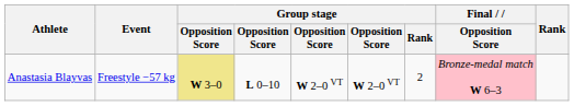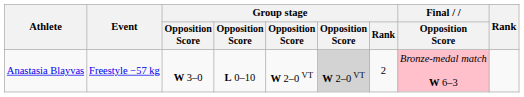 <table class="wikitable" style="font-size:90%">
 <tr>
 <th rowspan=2>Athlete</th>
 <th rowspan=2>Event</th>
 <th colspan=5>Group stage</th>
 <th>Final /  / </th>
 <th rowspan=2>Rank</th>
 </tr>
 <tr style="font-size:95%">
 <th>Opposition<br>Score</th>
 <th>Opposition<br>Score</th>
 <th>Opposition<br>Score</th>
 <th>Opposition<br>Score</th>
 <th>Rank</th>
 <th>Opposition<br>Score</th>
 </tr>
 <tr align=center>
 <td align=left><a href='#'>Anastasia Blayvas</a></td>
 <td align=left><a href='#'>Freestyle −57 kg</a></td>
-<td style="background: khaki;"><br><strong>W</strong> 3–0</td>
+<td><br><strong>W</strong> 3–0</td>
 <td><br><strong>L</strong> 0–10</td>
 <td><br><strong>W</strong> 2–0<sup> VT</sup></td>
-<td><br><strong>W</strong> 2–0<sup> VT</sup></td>
+<td style="background: lightgrey;"><br><strong>W</strong> 2–0<sup> VT</sup></td>
 <td>2</td>
 <td style="background: pink;"><em>Bronze-medal match</em><br><br><strong>W</strong> 6–3</td>
 <td></td>
 </tr>
 </table>
